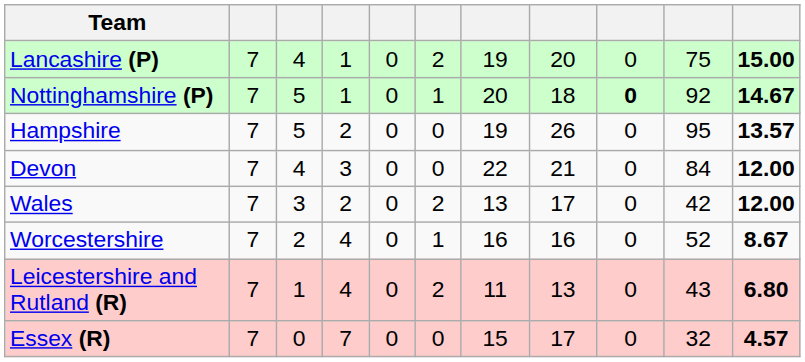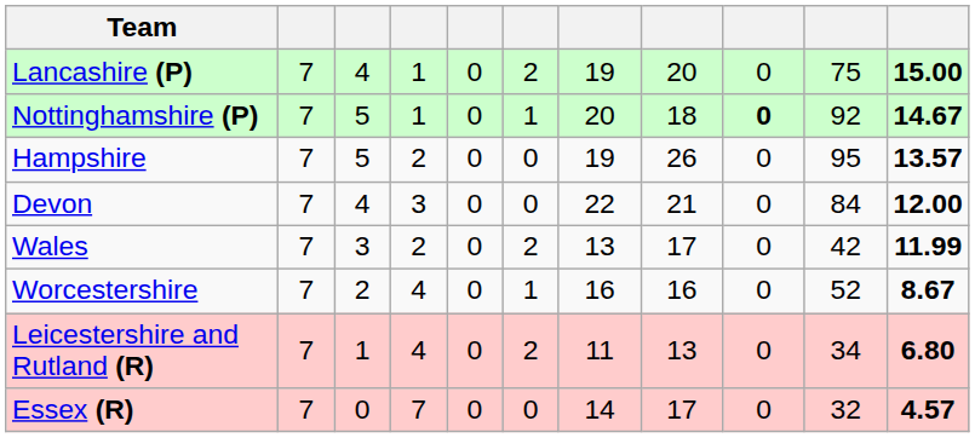 <table class="wikitable" style="text-align:center">
 <tr>
 <th width="150">Team</th>
 <th width="25"></th>
 <th width="25"></th>
 <th width="25"></th>
 <th width="25"></th>
 <th width="25"></th>
 <th width="40"></th>
 <th width="40"></th>
 <th width="40"></th>
 <th width="40"></th>
 <th width="40"></th>
 </tr>
 <tr style="background:#cfc;">
 <td style="text-align:left"><a href='#'>Lancashire</a> <strong>(P)</strong></td>
 <td>7</td>
 <td>4</td>
 <td>1</td>
 <td>0</td>
 <td>2</td>
 <td>19</td>
 <td>20</td>
 <td>0</td>
 <td>75</td>
 <td><strong>15.00</strong></td>
 </tr>
 <tr style="background:#cfc;">
 <td style="text-align:left"><a href='#'>Nottinghamshire</a> <strong>(P)</strong></td>
 <td>7</td>
 <td>5</td>
 <td>1</td>
 <td>0</td>
 <td>1</td>
 <td>20</td>
 <td>18</td>
 <td><strong>0</strong></td>
 <td>92</td>
 <td><strong>14.67</strong></td>
 </tr>
 <tr>
 <td style="text-align:left"><a href='#'>Hampshire</a></td>
 <td>7</td>
 <td>5</td>
 <td>2</td>
 <td>0</td>
 <td>0</td>
 <td>19</td>
 <td>26</td>
 <td>0</td>
 <td>95</td>
 <td><strong>13.57</strong></td>
 </tr>
 <tr>
 <td style="text-align:left"><a href='#'>Devon</a></td>
 <td>7</td>
 <td>4</td>
 <td>3</td>
 <td>0</td>
 <td>0</td>
 <td>22</td>
 <td>21</td>
 <td>0</td>
 <td>84</td>
 <td><strong>12.00</strong></td>
 </tr>
 <tr>
 <td style="text-align:left"><a href='#'>Wales</a></td>
 <td>7</td>
 <td>3</td>
 <td>2</td>
 <td>0</td>
 <td>2</td>
 <td>13</td>
 <td>17</td>
 <td>0</td>
 <td>42</td>
-<td><strong>12.00</strong></td>
+<td><strong>11.99</strong></td>
 </tr>
 <tr>
 <td style="text-align:left"><a href='#'>Worcestershire</a></td>
 <td>7</td>
 <td>2</td>
 <td>4</td>
 <td>0</td>
 <td>1</td>
 <td>16</td>
 <td>16</td>
 <td>0</td>
 <td>52</td>
 <td><strong>8.67</strong></td>
 </tr>
 <tr style="background:#FFCCCC">
 <td style="text-align:left"><a href='#'>Leicestershire and Rutland</a> <strong>(R)</strong></td>
 <td>7</td>
 <td>1</td>
 <td>4</td>
 <td>0</td>
 <td>2</td>
 <td>11</td>
 <td>13</td>
 <td>0</td>
-<td>43</td>
+<td>34</td>
 <td><strong>6.80</strong></td>
 </tr>
 <tr style="background:#FFCCCC">
 <td style="text-align:left"><a href='#'>Essex</a> <strong>(R)</strong></td>
 <td>7</td>
 <td>0</td>
 <td>7</td>
 <td>0</td>
 <td>0</td>
-<td>15</td>
+<td>14</td>
 <td>17</td>
 <td>0</td>
 <td>32</td>
 <td><strong>4.57</strong></td>
 </tr>
 </table>
